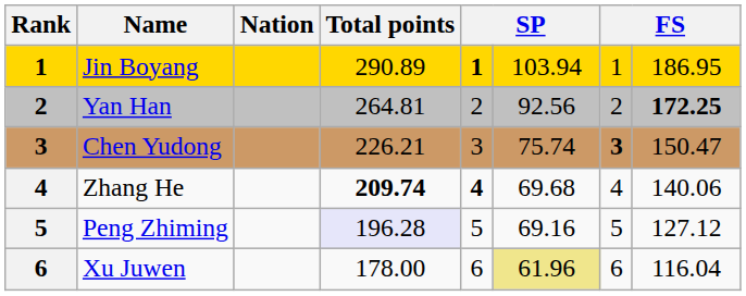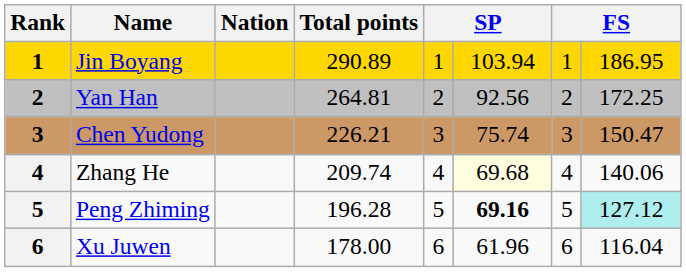 <table class="wikitable sortable">
 <tr>
 <th>Rank</th>
 <th>Name</th>
 <th>Nation</th>
 <th>Total points</th>
 <th colspan="2" width="80px"><a href='#'>SP</a></th>
 <th colspan="2" width="80px"><a href='#'>FS</a></th>
 </tr>
 <tr bgcolor="gold">
 <td align="center"><strong>1</strong></td>
 <td><a href='#'>Jin Boyang</a></td>
 <td></td>
 <td align="center">290.89</td>
-<td align="center"><strong>1</strong></td>
+<td align="center">1</td>
 <td align="center">103.94</td>
 <td align="center">1</td>
 <td align="center">186.95</td>
 </tr>
 <tr bgcolor="silver">
 <td align="center"><strong>2</strong></td>
 <td><a href='#'>Yan Han</a></td>
 <td></td>
 <td align="center">264.81</td>
 <td align="center">2</td>
 <td align="center">92.56</td>
 <td align="center">2</td>
-<td align="center"><strong>172.25</strong></td>
+<td align="center">172.25</td>
 </tr>
 <tr bgcolor="cc9966">
 <td align="center"><strong>3</strong></td>
 <td><a href='#'>Chen Yudong</a></td>
 <td></td>
 <td align="center">226.21</td>
 <td align="center">3</td>
 <td align="center">75.74</td>
-<td align="center"><strong>3</strong></td>
+<td align="center">3</td>
 <td align="center">150.47</td>
 </tr>
 <tr>
 <th>4</th>
 <td>Zhang He</td>
 <td></td>
-<td align="center"><strong>209.74</strong></td>
-<td align="center"><strong>4</strong></td>
-<td align="center">69.68</td>
+<td align="center">209.74</td>
+<td align="center">4</td>
+<td align="center" style="background: lightyellow;">69.68</td>
 <td align="center">4</td>
 <td align="center">140.06</td>
 </tr>
 <tr>
 <th>5</th>
 <td><a href='#'>Peng Zhiming</a></td>
 <td></td>
-<td align="center" style="background: lavender;">196.28</td>
+<td align="center">196.28</td>
 <td align="center">5</td>
-<td align="center">69.16</td>
+<td align="center"><strong>69.16</strong></td>
 <td align="center">5</td>
-<td align="center">127.12</td>
+<td align="center" style="background: paleturquoise;">127.12</td>
 </tr>
 <tr>
 <th>6</th>
 <td><a href='#'>Xu Juwen</a></td>
 <td></td>
 <td align="center">178.00</td>
 <td align="center">6</td>
-<td align="center" style="background: khaki;">61.96</td>
+<td align="center">61.96</td>
 <td align="center">6</td>
 <td align="center">116.04</td>
 </tr>
 </table>
